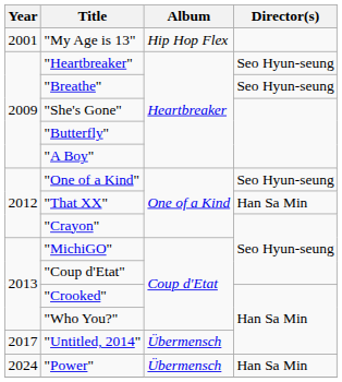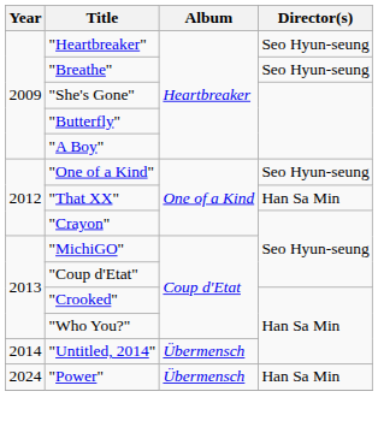 <table class="wikitable plainrowheaders">
 <tr>
 <th scope="col">Year</th>
 <th scope="col">Title</th>
 <th soope="col">Album</th>
 <th scope="col">Director(s)</th>
-</tr>
-<tr>
-<td>2001</td>
-<td>"My Age is 13"</td>
-<td><em>Hip Hop Flex</em></td>
-<td></td>
 </tr>
 <tr>
 <td rowspan="5">2009</td>
 <td>"<a href='#'>Heartbreaker</a>"</td>
 <td rowspan=5><em><a href='#'>Heartbreaker</a></em></td>
 <td>Seo Hyun-seung</td>
 </tr>
 <tr>
 <td>"<a href='#'>Breathe</a>"</td>
 <td>Seo Hyun-seung</td>
 </tr>
 <tr>
 <td>"She's Gone"</td>
 </tr>
 <tr>
 <td>"<a href='#'>Butterfly</a>"</td>
 </tr>
 <tr>
 <td>"<a href='#'>A Boy</a>"</td>
 </tr>
 <tr>
 <td rowspan="3">2012</td>
 <td>"<a href='#'>One of a Kind</a>"</td>
 <td rowspan="3"><em><a href='#'>One of a Kind</a></em></td>
 <td>Seo Hyun-seung</td>
 </tr>
 <tr>
 <td>"<a href='#'>That XX</a>"</td>
 <td>Han Sa Min</td>
 </tr>
 <tr>
 <td>"<a href='#'>Crayon</a>"</td>
 <td rowspan="3">Seo Hyun-seung</td>
 </tr>
 <tr>
 <td rowspan="4">2013</td>
 <td>"<a href='#'>MichiGO</a>"</td>
 <td rowspan="4"><em><a href='#'>Coup d'Etat</a></em></td>
 </tr>
 <tr>
 <td>"Coup d'Etat"</td>
 </tr>
 <tr>
 <td>"<a href='#'>Crooked</a>"</td>
 <td rowspan="3">Han Sa Min</td>
 </tr>
 <tr>
 <td>"Who You?"</td>
 </tr>
 <tr>
-<td>2017</td>
+<td>2014</td>
 <td>"<a href='#'>Untitled, 2014</a>"</td>
 <td><em><a href='#'>Übermensch</a></em></td>
 </tr>
 <tr>
 <td>2024</td>
 <td>"<a href='#'>Power</a>"</td>
 <td><em><a href='#'>Übermensch</a></em></td>
 <td>Han Sa Min</td>
 </tr>
 <tr>
 </tr>
 </table>
